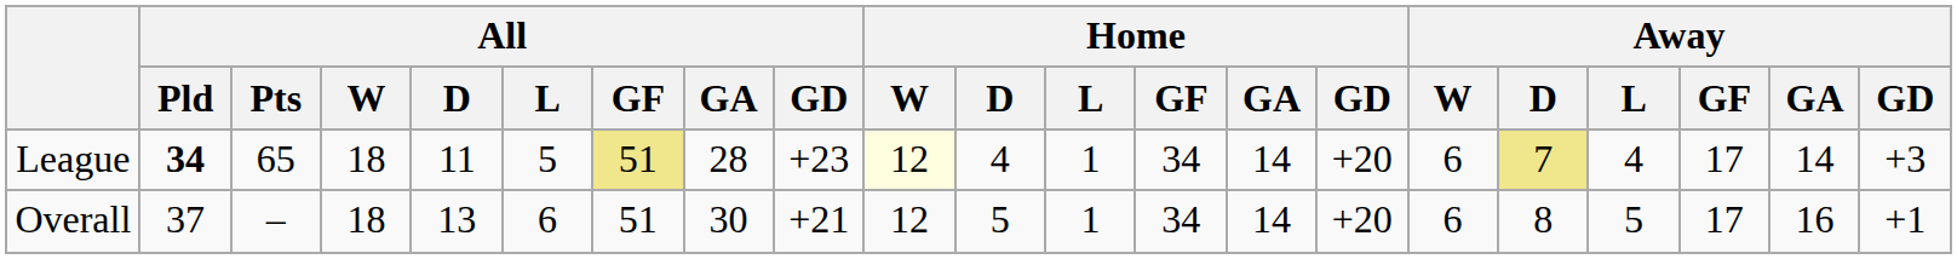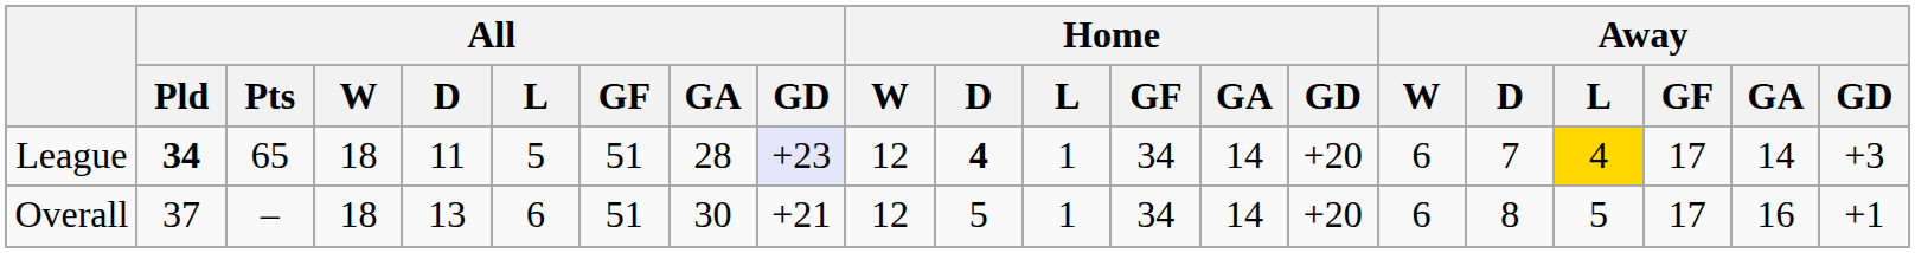 <table class="wikitable" style="text-align:center">
 <tr>
 <th rowspan=2></th>
 <th colspan=8>All</th>
 <th colspan=6>Home</th>
 <th colspan=6>Away</th>
 </tr>
 <tr>
 <th width=30>Pld</th>
 <th width=30>Pts</th>
 <th width=30>W</th>
 <th width=30>D</th>
 <th width=30>L</th>
 <th width=30>GF</th>
 <th width=30>GA</th>
 <th width=30>GD</th>
 <th width=30>W</th>
 <th width=30>D</th>
 <th width=30>L</th>
 <th width=30>GF</th>
 <th width=30>GA</th>
 <th width=30>GD</th>
 <th width=30>W</th>
 <th width=30>D</th>
 <th width=30>L</th>
 <th width=30>GF</th>
 <th width=30>GA</th>
 <th width=30>GD</th>
 </tr>
 <tr>
 <td>League</td>
 <td><strong>34</strong></td>
 <td>65</td>
 <td>18</td>
 <td>11</td>
 <td>5</td>
-<td style="background: khaki;">51</td>
+<td>51</td>
 <td>28</td>
-<td>+23</td>
-<td style="background: lightyellow;">12</td>
-<td>4</td>
+<td style="background: lavender;">+23</td>
+<td>12</td>
+<td><strong>4</strong></td>
 <td>1</td>
 <td>34</td>
 <td>14</td>
 <td>+20</td>
 <td>6</td>
-<td style="background: khaki;">7</td>
-<td>4</td>
+<td>7</td>
+<td style="background: gold;">4</td>
 <td>17</td>
 <td>14</td>
 <td>+3</td>
 </tr>
 <tr>
 <td>Overall</td>
 <td>37</td>
 <td>–</td>
 <td>18</td>
 <td>13</td>
 <td>6</td>
 <td>51</td>
 <td>30</td>
 <td>+21</td>
 <td>12</td>
 <td>5</td>
 <td>1</td>
 <td>34</td>
 <td>14</td>
 <td>+20</td>
 <td>6</td>
 <td>8</td>
 <td>5</td>
 <td>17</td>
 <td>16</td>
 <td>+1</td>
 </tr>
 </table>
